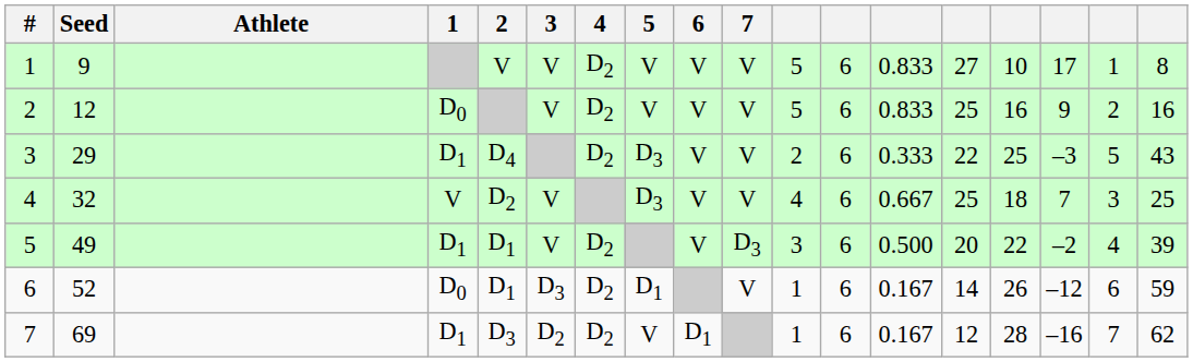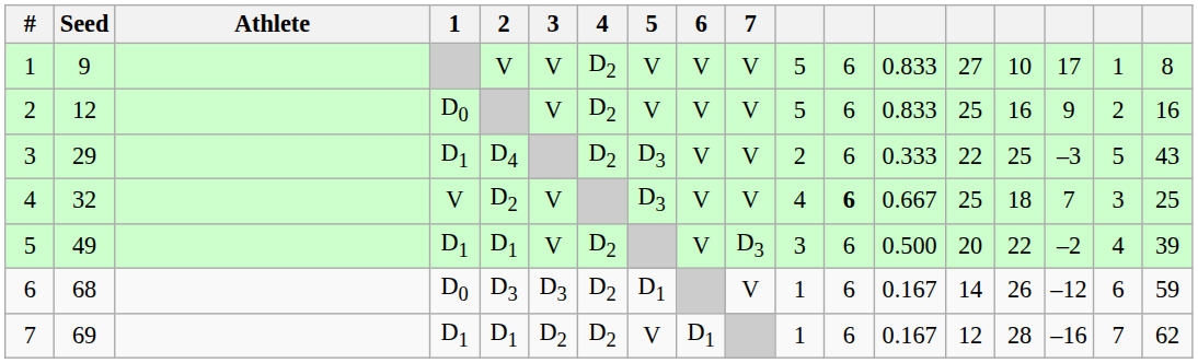 <table class="wikitable" style="text-align:center">
 <tr>
 <th width="25">#</th>
 <th width="25">Seed</th>
 <th width="200">Athlete</th>
 <th width="25">1</th>
 <th width="25">2</th>
 <th width="25">3</th>
 <th width="25">4</th>
 <th width="25">5</th>
 <th width="25">6</th>
 <th width="25">7</th>
 <th width="25"></th>
 <th width="25"></th>
 <th width="40"></th>
 <th width="25"></th>
 <th width="25"></th>
 <th width="25"></th>
 <th width="25"></th>
 <th width="25"></th>
 </tr>
 <tr bgcolor="#ccffcc">
 <td>1</td>
 <td>9</td>
 <td align=left></td>
 <td bgcolor="#cccccc"></td>
 <td>V</td>
 <td>V</td>
 <td>D<sub>2</sub></td>
 <td>V</td>
 <td>V</td>
 <td>V</td>
 <td>5</td>
 <td>6</td>
 <td>0.833</td>
 <td>27</td>
 <td>10</td>
 <td>17</td>
 <td>1</td>
 <td>8</td>
 </tr>
 <tr bgcolor="#ccffcc">
 <td>2</td>
 <td>12</td>
 <td align=left></td>
 <td>D<sub>0</sub></td>
 <td bgcolor="#cccccc"></td>
 <td>V</td>
 <td>D<sub>2</sub></td>
 <td>V</td>
 <td>V</td>
 <td>V</td>
 <td>5</td>
 <td>6</td>
 <td>0.833</td>
 <td>25</td>
 <td>16</td>
 <td>9</td>
 <td>2</td>
 <td>16</td>
 </tr>
 <tr bgcolor="#ccffcc">
 <td>3</td>
 <td>29</td>
 <td align=left></td>
 <td>D<sub>1</sub></td>
 <td>D<sub>4</sub></td>
 <td bgcolor="#cccccc"></td>
 <td>D<sub>2</sub></td>
 <td>D<sub>3</sub></td>
 <td>V</td>
 <td>V</td>
 <td>2</td>
 <td>6</td>
 <td>0.333</td>
 <td>22</td>
 <td>25</td>
 <td>–3</td>
 <td>5</td>
 <td>43</td>
 </tr>
 <tr bgcolor="#ccffcc">
 <td>4</td>
 <td>32</td>
 <td align=left></td>
 <td>V</td>
 <td>D<sub>2</sub></td>
 <td>V</td>
 <td bgcolor="#cccccc"></td>
 <td>D<sub>3</sub></td>
 <td>V</td>
 <td>V</td>
 <td>4</td>
-<td>6</td>
+<td><strong>6</strong></td>
 <td>0.667</td>
 <td>25</td>
 <td>18</td>
 <td>7</td>
 <td>3</td>
 <td>25</td>
 </tr>
 <tr bgcolor="#ccffcc">
 <td>5</td>
 <td>49</td>
 <td align=left></td>
 <td>D<sub>1</sub></td>
 <td>D<sub>1</sub></td>
 <td>V</td>
 <td>D<sub>2</sub></td>
 <td bgcolor="#cccccc"></td>
 <td>V</td>
 <td>D<sub>3</sub></td>
 <td>3</td>
 <td>6</td>
 <td>0.500</td>
 <td>20</td>
 <td>22</td>
 <td>–2</td>
 <td>4</td>
 <td>39</td>
 </tr>
 <tr>
 <td>6</td>
-<td>52</td>
+<td>68</td>
 <td align=left></td>
 <td>D<sub>0</sub></td>
-<td>D<sub>1</sub></td>
+<td>D<sub>3</sub></td>
 <td>D<sub>3</sub></td>
 <td>D<sub>2</sub></td>
 <td>D<sub>1</sub></td>
 <td bgcolor="#cccccc"></td>
 <td>V</td>
 <td>1</td>
 <td>6</td>
 <td>0.167</td>
 <td>14</td>
 <td>26</td>
 <td>–12</td>
 <td>6</td>
 <td>59</td>
 </tr>
 <tr>
 <td>7</td>
 <td>69</td>
 <td align=left></td>
 <td>D<sub>1</sub></td>
-<td>D<sub>3</sub></td>
+<td>D<sub>1</sub></td>
 <td>D<sub>2</sub></td>
 <td>D<sub>2</sub></td>
 <td>V</td>
 <td>D<sub>1</sub></td>
 <td bgcolor="#cccccc"></td>
 <td>1</td>
 <td>6</td>
 <td>0.167</td>
 <td>12</td>
 <td>28</td>
 <td>–16</td>
 <td>7</td>
 <td>62</td>
 </tr>
 </table>
